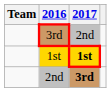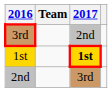 <table class="wikitable" style="text-align:center;">
 <tr valign="top">
+<th><a href='#'>2016</a></th>
 <th>Team</th>
-<th><a href='#'>2016</a></th>
 <th><a href='#'>2017</a></th>
 <th><em></em></th>
 </tr>
 <tr>
+<td style="border:3px solid red" bgcolor=#cc9966>3rd</td>
 <td align="left"></td>
-<td style="border:3px solid red" bgcolor=#cc9966>3rd</td>
 <td bgcolor=silver>2nd</td>
 <td></td>
 </tr>
 <tr>
+<td bgcolor=gold>1st</td>
 <td align="left"></td>
-<td bgcolor=gold>1st</td>
 <td style="border:3px solid red" bgcolor=gold><strong>1st</strong></td>
 <td></td>
 </tr>
 <tr>
+<td bgcolor=silver>2nd</td>
 <td align="left"></td>
-<td bgcolor=silver>2nd</td>
-<td bgcolor=#cc9966><strong>3rd</strong></td>
+<td bgcolor=#cc9966>3rd</td>
 <td></td>
 </tr>
 </table>
